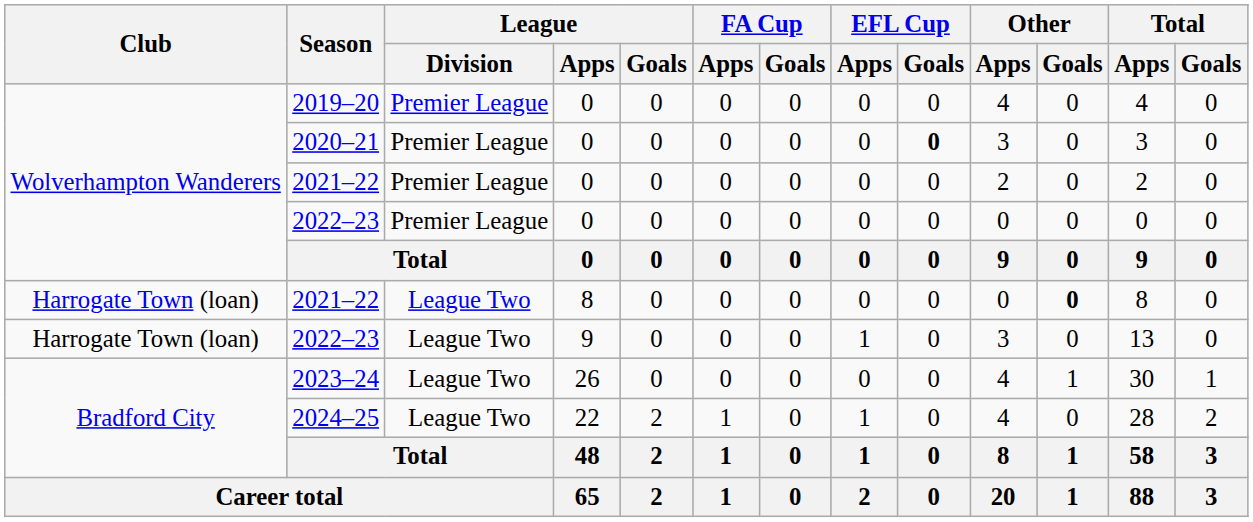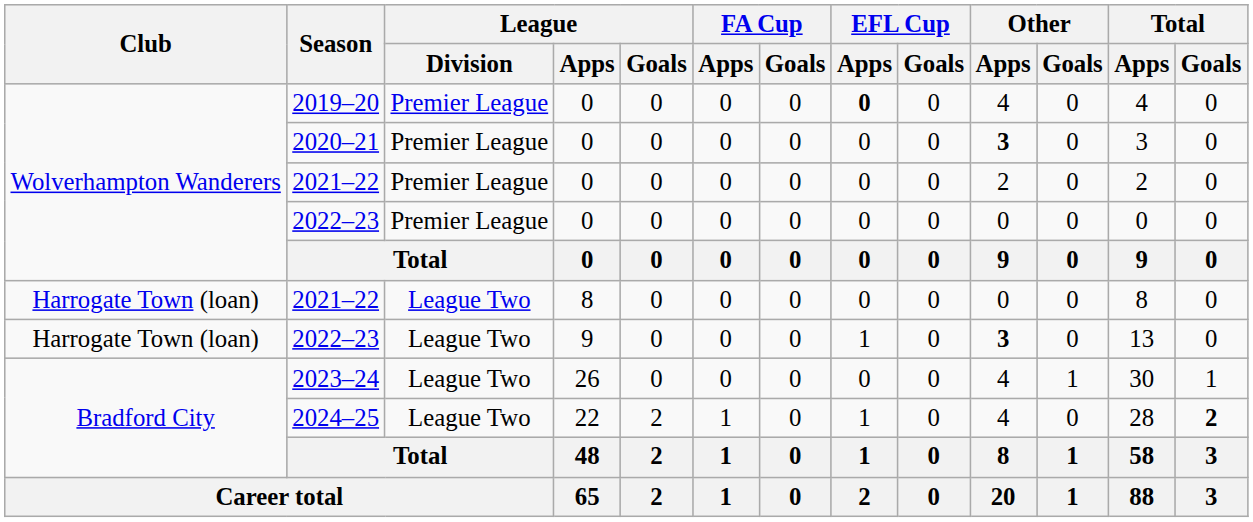 <table class=wikitable style=text-align:center>
 <tr>
 <th rowspan=2>Club</th>
 <th rowspan=2>Season</th>
 <th colspan=3>League</th>
 <th colspan=2><a href='#'>FA Cup</a></th>
 <th colspan=2><a href='#'>EFL Cup</a></th>
 <th colspan=2>Other</th>
 <th colspan=2>Total</th>
 </tr>
 <tr>
 <th>Division</th>
 <th>Apps</th>
 <th>Goals</th>
 <th>Apps</th>
 <th>Goals</th>
 <th>Apps</th>
 <th>Goals</th>
 <th>Apps</th>
 <th>Goals</th>
 <th>Apps</th>
 <th>Goals</th>
 </tr>
 <tr>
 <td rowspan="5"><a href='#'>Wolverhampton Wanderers</a></td>
 <td><a href='#'>2019–20</a></td>
 <td><a href='#'>Premier League</a></td>
 <td>0</td>
 <td>0</td>
 <td>0</td>
 <td>0</td>
-<td>0</td>
+<td><strong>0</strong></td>
 <td>0</td>
 <td>4</td>
 <td>0</td>
 <td>4</td>
 <td>0</td>
 </tr>
 <tr>
 <td><a href='#'>2020–21</a></td>
 <td>Premier League</td>
 <td>0</td>
 <td>0</td>
 <td>0</td>
 <td>0</td>
 <td>0</td>
-<td><strong>0</strong></td>
-<td>3</td>
+<td>0</td>
+<td><strong>3</strong></td>
 <td>0</td>
 <td>3</td>
 <td>0</td>
 </tr>
 <tr>
 <td><a href='#'>2021–22</a></td>
 <td>Premier League</td>
 <td>0</td>
 <td>0</td>
 <td>0</td>
 <td>0</td>
 <td>0</td>
 <td>0</td>
 <td>2</td>
 <td>0</td>
 <td>2</td>
 <td>0</td>
 </tr>
 <tr>
 <td><a href='#'>2022–23</a></td>
 <td>Premier League</td>
 <td>0</td>
 <td>0</td>
 <td>0</td>
 <td>0</td>
 <td>0</td>
 <td>0</td>
 <td>0</td>
 <td>0</td>
 <td>0</td>
 <td>0</td>
 </tr>
 <tr>
 <th colspan="2">Total</th>
 <th>0</th>
 <th>0</th>
 <th>0</th>
 <th>0</th>
 <th>0</th>
 <th>0</th>
 <th>9</th>
 <th>0</th>
 <th>9</th>
 <th>0</th>
 </tr>
 <tr>
 <td><a href='#'>Harrogate Town</a> (loan)</td>
 <td><a href='#'>2021–22</a></td>
 <td><a href='#'>League Two</a></td>
 <td>8</td>
 <td>0</td>
 <td>0</td>
 <td>0</td>
 <td>0</td>
 <td>0</td>
 <td>0</td>
-<td><strong>0</strong></td>
+<td>0</td>
 <td>8</td>
 <td>0</td>
 </tr>
 <tr>
 <td>Harrogate Town (loan)</td>
 <td><a href='#'>2022–23</a></td>
 <td>League Two</td>
 <td>9</td>
 <td>0</td>
 <td>0</td>
 <td>0</td>
 <td>1</td>
 <td>0</td>
-<td>3</td>
+<td><strong>3</strong></td>
 <td>0</td>
 <td>13</td>
 <td>0</td>
 </tr>
 <tr>
 <td rowspan="3"><a href='#'>Bradford City</a></td>
 <td><a href='#'>2023–24</a></td>
 <td>League Two</td>
 <td>26</td>
 <td>0</td>
 <td>0</td>
 <td>0</td>
 <td>0</td>
 <td>0</td>
 <td>4</td>
 <td>1</td>
 <td>30</td>
 <td>1</td>
 </tr>
 <tr>
 <td><a href='#'>2024–25</a></td>
 <td>League Two</td>
 <td>22</td>
 <td>2</td>
 <td>1</td>
 <td>0</td>
 <td>1</td>
 <td>0</td>
 <td>4</td>
 <td>0</td>
 <td>28</td>
-<td>2</td>
+<td><strong>2</strong></td>
 </tr>
 <tr>
 <th colspan="2">Total</th>
 <th>48</th>
 <th>2</th>
 <th>1</th>
 <th>0</th>
 <th>1</th>
 <th>0</th>
 <th>8</th>
 <th>1</th>
 <th>58</th>
 <th>3</th>
 </tr>
 <tr>
 <th colspan="3">Career total</th>
 <th>65</th>
 <th>2</th>
 <th>1</th>
 <th>0</th>
 <th>2</th>
 <th>0</th>
 <th>20</th>
 <th>1</th>
 <th>88</th>
 <th>3</th>
 </tr>
 </table>
